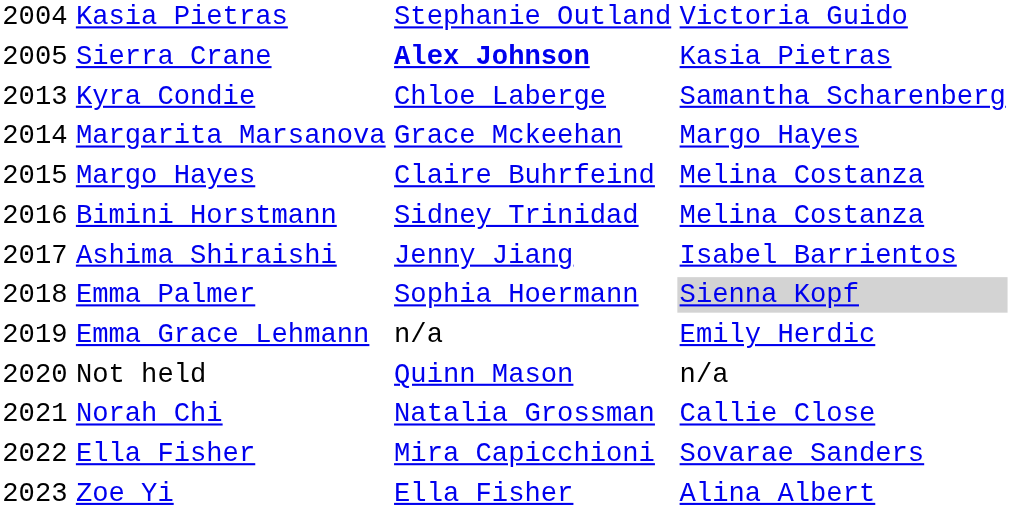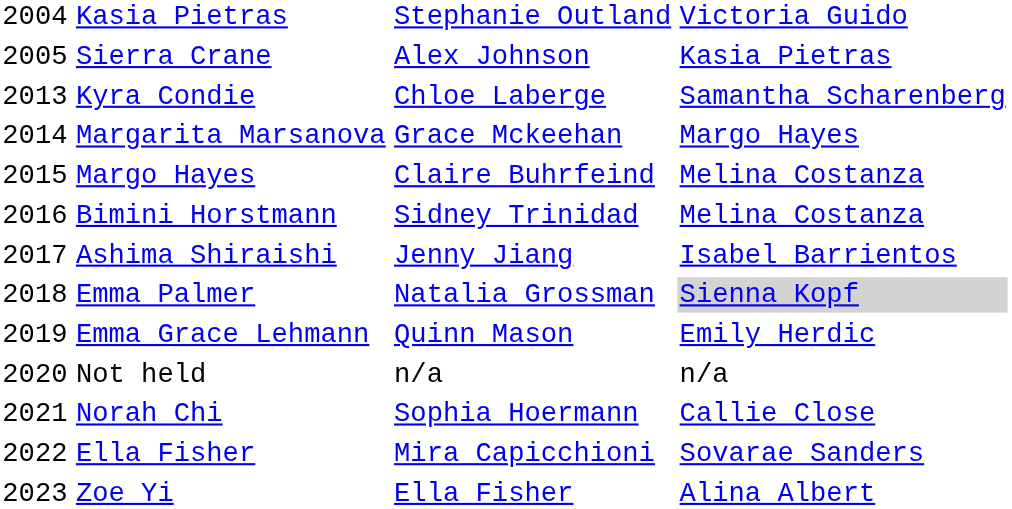 <table>
 <tr>
 <td style="text-align:center;">2004</td>
 <td><a href='#'>Kasia Pietras</a></td>
 <td><a href='#'>Stephanie Outland</a></td>
 <td><a href='#'>Victoria Guido</a></td>
 </tr>
 <tr>
 <td style="text-align:center;">2005</td>
 <td><a href='#'>Sierra Crane</a></td>
-<td><strong><a href='#'>Alex Johnson</a></strong></td>
+<td><a href='#'>Alex Johnson</a></td>
 <td><a href='#'>Kasia Pietras</a></td>
 </tr>
 <tr>
 <td style="text-align:center;">2013</td>
 <td><a href='#'>Kyra Condie</a></td>
 <td><a href='#'>Chloe Laberge</a></td>
 <td><a href='#'>Samantha Scharenberg</a></td>
 </tr>
 <tr>
 <td style="text-align:center;">2014</td>
 <td><a href='#'>Margarita Marsanova</a></td>
 <td><a href='#'>Grace Mckeehan</a></td>
 <td><a href='#'>Margo Hayes</a></td>
 </tr>
 <tr>
 <td style="text-align:center;">2015</td>
 <td><a href='#'>Margo Hayes</a></td>
 <td><a href='#'>Claire Buhrfeind</a></td>
 <td><a href='#'>Melina Costanza</a></td>
 </tr>
 <tr>
 <td style="text-align:center;">2016</td>
 <td><a href='#'>Bimini Horstmann</a></td>
 <td><a href='#'>Sidney Trinidad</a></td>
 <td><a href='#'>Melina Costanza</a></td>
 </tr>
 <tr>
 <td style="text-align:center;">2017</td>
 <td><a href='#'>Ashima Shiraishi</a></td>
 <td><a href='#'>Jenny Jiang</a></td>
 <td><a href='#'>Isabel Barrientos</a></td>
 </tr>
 <tr>
 <td style="text-align:center;">2018</td>
 <td><a href='#'>Emma Palmer</a></td>
-<td><a href='#'>Sophia Hoermann</a></td>
+<td><a href='#'>Natalia Grossman</a></td>
 <td style="background: lightgrey;"><a href='#'>Sienna Kopf</a></td>
 </tr>
 <tr>
 <td style="text-align:center;">2019</td>
 <td><a href='#'>Emma Grace Lehmann</a></td>
-<td>n/a</td>
+<td><a href='#'>Quinn Mason</a></td>
 <td><a href='#'>Emily Herdic</a></td>
 </tr>
 <tr>
 <td style="text-align:center;">2020</td>
 <td>Not held</td>
-<td><a href='#'>Quinn Mason</a></td>
+<td>n/a</td>
 <td>n/a</td>
 </tr>
 <tr>
 <td style="text-align:center;">2021</td>
 <td><a href='#'>Norah Chi</a></td>
-<td><a href='#'>Natalia Grossman</a></td>
+<td><a href='#'>Sophia Hoermann</a></td>
 <td><a href='#'>Callie Close</a></td>
 </tr>
 <tr>
 <td style="text-align:center;">2022</td>
 <td><a href='#'>Ella Fisher</a></td>
 <td><a href='#'>Mira Capicchioni</a></td>
 <td><a href='#'>Sovarae Sanders</a></td>
 </tr>
 <tr>
 <td style="text-align:center;">2023</td>
 <td><a href='#'>Zoe Yi</a></td>
 <td><a href='#'>Ella Fisher</a></td>
 <td><a href='#'>Alina Albert</a></td>
 </tr>
 </table>
